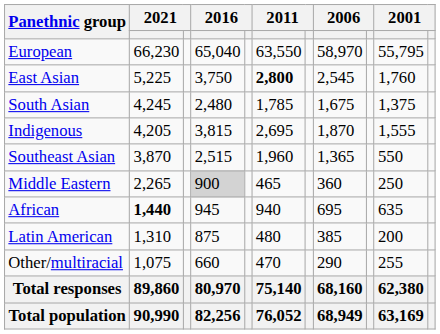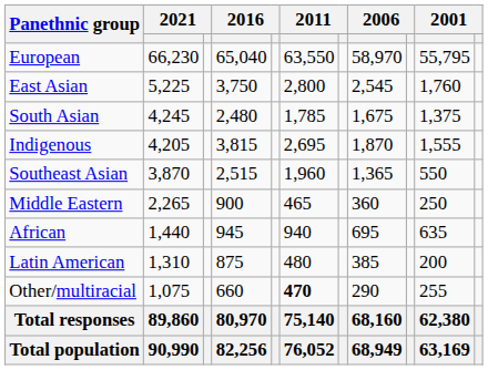 <table class="wikitable mw-datatable">
 <tr>
 <th rowspan="2"><a href='#'>Panethnic</a> group</th>
 <th colspan="2">2021</th>
 <th colspan="2">2016</th>
 <th colspan="2">2011</th>
 <th colspan="2">2006</th>
 <th colspan="2">2001</th>
 </tr>
 <tr>
 <th><a href='#'></a></th>
 <th></th>
 <th></th>
 <th></th>
 <th></th>
 <th></th>
 <th></th>
 <th></th>
 <th></th>
 <th></th>
 </tr>
 <tr>
 <td><a href='#'>European</a></td>
 <td>66,230</td>
 <td></td>
 <td>65,040</td>
 <td></td>
 <td>63,550</td>
 <td></td>
 <td>58,970</td>
 <td></td>
 <td>55,795</td>
 <td></td>
 </tr>
 <tr>
 <td><a href='#'>East Asian</a></td>
 <td>5,225</td>
 <td></td>
 <td>3,750</td>
 <td></td>
-<td><strong>2,800</strong></td>
+<td>2,800</td>
 <td></td>
 <td>2,545</td>
 <td></td>
 <td>1,760</td>
 <td></td>
 </tr>
 <tr>
 <td><a href='#'>South Asian</a></td>
 <td>4,245</td>
 <td></td>
 <td>2,480</td>
 <td></td>
 <td>1,785</td>
 <td></td>
 <td>1,675</td>
 <td></td>
 <td>1,375</td>
 <td></td>
 </tr>
 <tr>
 <td><a href='#'>Indigenous</a></td>
 <td>4,205</td>
 <td></td>
 <td>3,815</td>
 <td></td>
 <td>2,695</td>
 <td></td>
 <td>1,870</td>
 <td></td>
 <td>1,555</td>
 <td></td>
 </tr>
 <tr>
 <td><a href='#'>Southeast Asian</a></td>
 <td>3,870</td>
 <td></td>
 <td>2,515</td>
 <td></td>
 <td>1,960</td>
 <td></td>
 <td>1,365</td>
 <td></td>
 <td>550</td>
 <td></td>
 </tr>
 <tr>
 <td><a href='#'>Middle Eastern</a></td>
 <td>2,265</td>
 <td></td>
-<td style="background: lightgrey;">900</td>
+<td>900</td>
 <td></td>
 <td>465</td>
 <td></td>
 <td>360</td>
 <td></td>
 <td>250</td>
 <td></td>
 </tr>
 <tr>
 <td><a href='#'>African</a></td>
-<td><strong>1,440</strong></td>
+<td>1,440</td>
 <td></td>
 <td>945</td>
 <td></td>
 <td>940</td>
 <td></td>
 <td>695</td>
 <td></td>
 <td>635</td>
 <td></td>
 </tr>
 <tr>
 <td><a href='#'>Latin American</a></td>
 <td>1,310</td>
 <td></td>
 <td>875</td>
 <td></td>
 <td>480</td>
 <td></td>
 <td>385</td>
 <td></td>
 <td>200</td>
 <td></td>
 </tr>
 <tr>
 <td>Other/<a href='#'>multiracial</a></td>
 <td>1,075</td>
 <td></td>
 <td>660</td>
 <td></td>
-<td>470</td>
+<td><strong>470</strong></td>
 <td></td>
 <td>290</td>
 <td></td>
 <td>255</td>
 <td></td>
 </tr>
 <tr>
 <th>Total responses</th>
 <th>89,860</th>
 <th></th>
 <th>80,970</th>
 <th></th>
 <th>75,140</th>
 <th></th>
 <th>68,160</th>
 <th></th>
 <th>62,380</th>
 <th></th>
 </tr>
 <tr>
 <th>Total population</th>
 <th>90,990</th>
 <th></th>
 <th>82,256</th>
 <th></th>
 <th>76,052</th>
 <th></th>
 <th>68,949</th>
 <th></th>
 <th>63,169</th>
 <th></th>
 </tr>
 </table>
